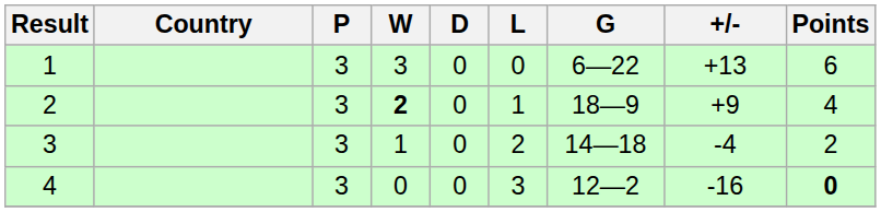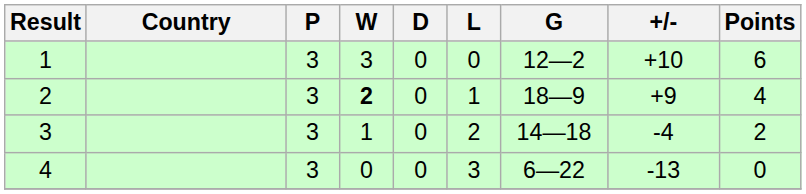 <table class=wikitable style="text-align:center;" width="550">
 <tr>
 <th width=3%>Result</th>
 <th width=30%>Сountry</th>
 <th width=8%>P</th>
 <th width=8%>W</th>
 <th width=8%>D</th>
 <th width=8%>L</th>
 <th width=17%>G</th>
 <th width=17%>+/-</th>
 <th width=10%>Points</th>
 </tr>
 <tr style="background:#ccffcc;">
 <td>1</td>
 <td align="left"></td>
 <td>3</td>
 <td>3</td>
 <td>0</td>
 <td>0</td>
-<td>6—22</td>
-<td>+13</td>
+<td>12—2</td>
+<td>+10</td>
 <td>6</td>
 </tr>
 <tr style="background:#ccffcc;">
 <td>2</td>
 <td align="left"></td>
 <td>3</td>
 <td><strong>2</strong></td>
 <td>0</td>
 <td>1</td>
 <td>18—9</td>
 <td>+9</td>
 <td>4</td>
 </tr>
 <tr style="background:#ccffcc;">
 <td>3</td>
 <td align="left"></td>
 <td>3</td>
 <td>1</td>
 <td>0</td>
 <td>2</td>
 <td>14—18</td>
 <td>-4</td>
 <td>2</td>
 </tr>
 <tr style="background:#ccffcc;">
 <td>4</td>
 <td align="left"></td>
 <td>3</td>
 <td>0</td>
 <td>0</td>
 <td>3</td>
-<td>12—2</td>
-<td>-16</td>
-<td><strong>0</strong></td>
+<td>6—22</td>
+<td>-13</td>
+<td>0</td>
 </tr>
 <tr>
 </tr>
 </table>
